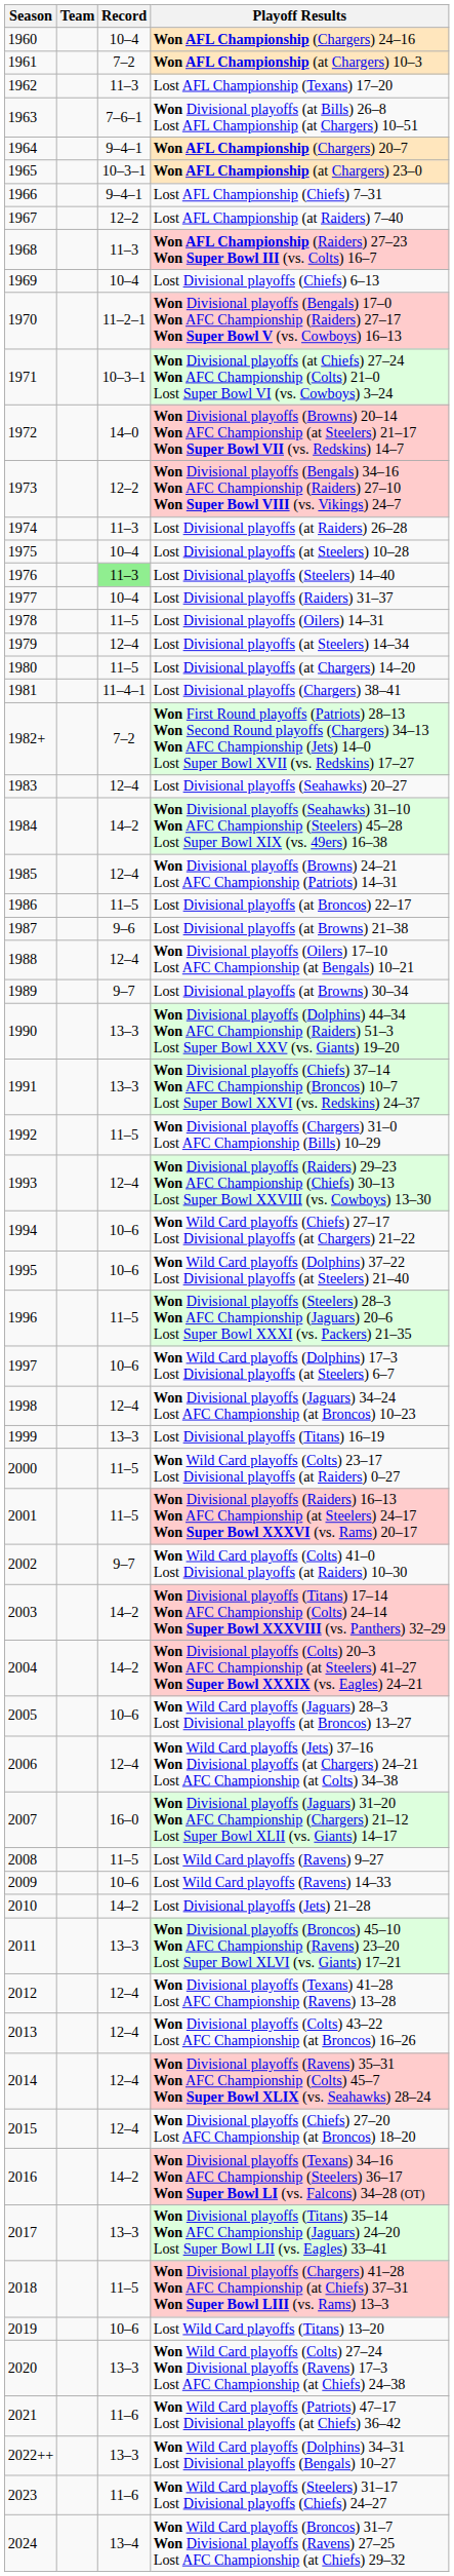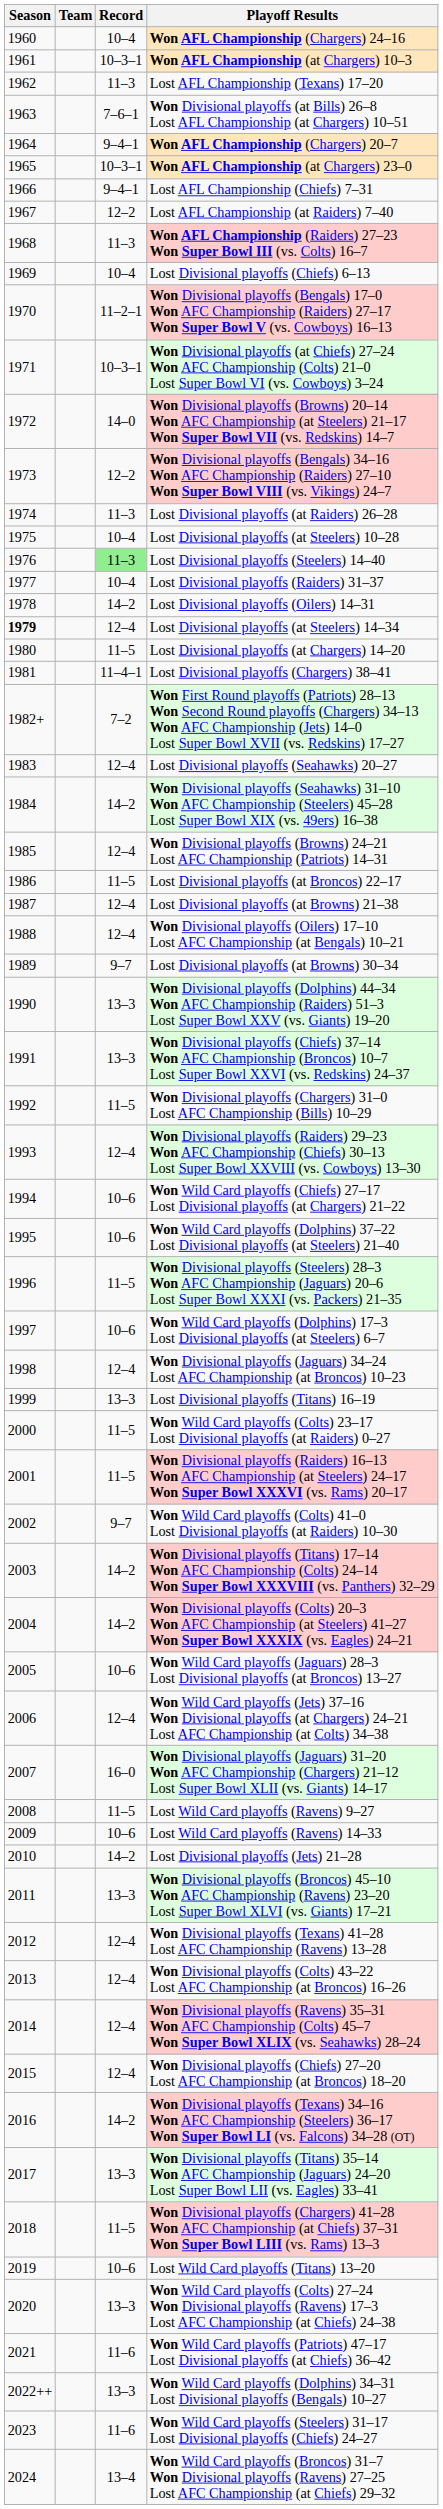 <table class="wikitable">
 <tr>
 <th>Season</th>
 <th>Team</th>
 <th>Record</th>
 <th>Playoff Results</th>
 </tr>
 <tr>
 <td>1960</td>
 <td><strong><a href='#'></a></strong></td>
 <td align="center">10–4</td>
 <td style="background: #FFE6BD;"><strong>Won <a href='#'>AFL Championship</a></strong> (<a href='#'>Chargers</a>) 24–16</td>
 </tr>
 <tr>
 <td>1961</td>
 <td><strong><a href='#'></a></strong></td>
-<td align="center">7–2</td>
+<td align="center">10–3–1</td>
 <td style="background: #FFE6BD;"><strong>Won <a href='#'>AFL Championship</a></strong>  (at <a href='#'>Chargers</a>) 10–3</td>
 </tr>
 <tr>
 <td>1962</td>
 <td><strong><a href='#'></a></strong></td>
 <td align="center">11–3</td>
 <td>Lost <a href='#'>AFL Championship</a> (<a href='#'>Texans</a>) 17–20 </td>
 </tr>
 <tr>
 <td>1963</td>
 <td><strong><a href='#'></a></strong></td>
 <td align="center">7–6–1</td>
 <td><strong>Won</strong> <a href='#'>Divisional playoffs</a> (at <a href='#'>Bills</a>) 26–8<br>Lost <a href='#'>AFL Championship</a> (at <a href='#'>Chargers</a>) 10–51</td>
 </tr>
 <tr>
 <td>1964</td>
 <td><strong><a href='#'></a></strong></td>
 <td align="center">9–4–1</td>
 <td style="background: #FFE6BD;"><strong>Won <a href='#'>AFL Championship</a></strong> (<a href='#'>Chargers</a>) 20–7</td>
 </tr>
 <tr>
 <td>1965</td>
 <td><strong><a href='#'></a></strong></td>
 <td align="center">10–3–1</td>
 <td style="background: #FFE6BD;"><strong>Won <a href='#'>AFL Championship</a></strong> (at <a href='#'>Chargers</a>) 23–0</td>
 </tr>
 <tr>
 <td>1966</td>
 <td><strong><a href='#'></a></strong></td>
 <td align="center">9–4–1</td>
 <td>Lost <a href='#'>AFL Championship</a> (<a href='#'>Chiefs</a>) 7–31</td>
 </tr>
 <tr>
 <td>1967</td>
 <td><strong><a href='#'></a></strong></td>
 <td align="center">12–2</td>
 <td>Lost <a href='#'>AFL Championship</a> (at <a href='#'>Raiders</a>) 7–40</td>
 </tr>
 <tr>
 <td>1968</td>
 <td><strong><a href='#'></a></strong></td>
 <td align="center">11–3</td>
 <td bgcolor="#FFCCCC"><strong>Won <a href='#'>AFL Championship</a></strong> (<a href='#'>Raiders</a>) 27–23<br><strong>Won <a href='#'>Super Bowl III</a></strong> (vs. <a href='#'>Colts</a>) 16–7</td>
 </tr>
 <tr>
 <td>1969</td>
 <td><strong><a href='#'></a></strong></td>
 <td align="center">10–4</td>
 <td>Lost <a href='#'>Divisional playoffs</a> (<a href='#'>Chiefs</a>) 6–13</td>
 </tr>
 <tr>
 <td>1970</td>
 <td><strong><a href='#'></a></strong></td>
 <td align="center">11–2–1</td>
 <td bgcolor="#FFCCCC"><strong>Won</strong> <a href='#'>Divisional playoffs</a> (<a href='#'>Bengals</a>) 17–0<br><strong>Won</strong> <a href='#'>AFC Championship</a> (<a href='#'>Raiders</a>) 27–17<br><strong>Won <a href='#'>Super Bowl V</a></strong> (vs. <a href='#'>Cowboys</a>) 16–13</td>
 </tr>
 <tr>
 <td>1971</td>
 <td><strong><a href='#'></a></strong></td>
 <td align="center">10–3–1</td>
 <td style="background: #DDFFDD;" valign="top"><strong>Won</strong> <a href='#'>Divisional playoffs</a> (at <a href='#'>Chiefs</a>) 27–24 <br><strong>Won</strong> <a href='#'>AFC Championship</a> (<a href='#'>Colts</a>) 21–0<br>Lost <a href='#'>Super Bowl VI</a> (vs. <a href='#'>Cowboys</a>) 3–24</td>
 </tr>
 <tr>
 <td>1972</td>
 <td><strong><a href='#'></a></strong></td>
 <td align="center">14–0</td>
 <td bgcolor="#FFCCCC"><strong>Won</strong> <a href='#'>Divisional playoffs</a> (<a href='#'>Browns</a>) 20–14<br><strong>Won</strong> <a href='#'>AFC Championship</a> (at <a href='#'>Steelers</a>) 21–17<br><strong>Won <a href='#'>Super Bowl VII</a></strong> (vs. <a href='#'>Redskins</a>) 14–7</td>
 </tr>
 <tr>
 <td>1973</td>
 <td><strong><a href='#'></a></strong></td>
 <td align="center">12–2</td>
 <td bgcolor="#FFCCCC"><strong>Won</strong> <a href='#'>Divisional playoffs</a> (<a href='#'>Bengals</a>) 34–16<br><strong>Won</strong> <a href='#'>AFC Championship</a> (<a href='#'>Raiders</a>) 27–10<br><strong>Won <a href='#'>Super Bowl VIII</a></strong> (vs. <a href='#'>Vikings</a>) 24–7</td>
 </tr>
 <tr>
 <td>1974</td>
 <td><strong><a href='#'></a></strong></td>
 <td align="center">11–3</td>
 <td>Lost <a href='#'>Divisional playoffs</a> (at <a href='#'>Raiders</a>) 26–28</td>
 </tr>
 <tr>
 <td>1975</td>
 <td><strong><a href='#'></a></strong></td>
 <td align="center">10–4</td>
 <td>Lost <a href='#'>Divisional playoffs</a> (at <a href='#'>Steelers</a>) 10–28</td>
 </tr>
 <tr>
 <td>1976</td>
 <td><strong><a href='#'></a></strong></td>
 <td align="center" style="background: lightgreen;">11–3</td>
 <td>Lost <a href='#'>Divisional playoffs</a> (<a href='#'>Steelers</a>) 14–40</td>
 </tr>
 <tr>
 <td>1977</td>
 <td><strong><a href='#'></a></strong></td>
 <td align="center">10–4</td>
 <td>Lost <a href='#'>Divisional playoffs</a> (<a href='#'>Raiders</a>) 31–37 </td>
 </tr>
 <tr>
 <td>1978</td>
 <td><strong><a href='#'></a></strong></td>
-<td align="center">11–5</td>
+<td align="center">14–2</td>
 <td>Lost <a href='#'>Divisional playoffs</a> (<a href='#'>Oilers</a>) 14–31</td>
 </tr>
 <tr>
-<td>1979</td>
+<td><strong>1979</strong></td>
 <td><strong><a href='#'></a></strong></td>
 <td align="center">12–4</td>
 <td>Lost <a href='#'>Divisional playoffs</a> (at <a href='#'>Steelers</a>) 14–34</td>
 </tr>
 <tr>
 <td>1980</td>
 <td><strong><a href='#'></a></strong></td>
 <td align="center">11–5</td>
 <td>Lost <a href='#'>Divisional playoffs</a> (at <a href='#'>Chargers</a>) 14–20</td>
 </tr>
 <tr>
 <td>1981</td>
 <td><strong><a href='#'></a></strong></td>
 <td align="center">11–4–1</td>
 <td>Lost <a href='#'>Divisional playoffs</a> (<a href='#'>Chargers</a>) 38–41 </td>
 </tr>
 <tr>
 <td>1982+</td>
 <td><strong><a href='#'></a></strong></td>
 <td align="center">7–2</td>
 <td style="background: #DDFFDD;" valign="top"><strong>Won</strong> <a href='#'>First Round playoffs</a> (<a href='#'>Patriots</a>) 28–13<br><strong>Won</strong> <a href='#'>Second Round playoffs</a> (<a href='#'>Chargers</a>) 34–13<br><strong>Won</strong> <a href='#'>AFC Championship</a> (<a href='#'>Jets</a>) 14–0<br>Lost <a href='#'>Super Bowl XVII</a> (vs. <a href='#'>Redskins</a>) 17–27</td>
 </tr>
 <tr>
 <td>1983</td>
 <td><strong><a href='#'></a></strong></td>
 <td align="center">12–4</td>
 <td>Lost <a href='#'>Divisional playoffs</a> (<a href='#'>Seahawks</a>) 20–27</td>
 </tr>
 <tr>
 <td>1984</td>
 <td><strong><a href='#'></a></strong></td>
 <td align="center">14–2</td>
 <td style="background: #DDFFDD;" valign="top"><strong>Won</strong> <a href='#'>Divisional playoffs</a> (<a href='#'>Seahawks</a>) 31–10<br><strong>Won</strong> <a href='#'>AFC Championship</a> (<a href='#'>Steelers</a>) 45–28<br>Lost <a href='#'>Super Bowl XIX</a> (vs. <a href='#'>49ers</a>) 16–38</td>
 </tr>
 <tr>
 <td>1985</td>
 <td><strong><a href='#'></a></strong></td>
 <td align="center">12–4</td>
 <td><strong>Won</strong> <a href='#'>Divisional playoffs</a> (<a href='#'>Browns</a>) 24–21<br>Lost <a href='#'>AFC Championship</a> (<a href='#'>Patriots</a>) 14–31</td>
 </tr>
 <tr>
 <td>1986</td>
 <td><strong><a href='#'></a></strong></td>
 <td align="center">11–5</td>
 <td>Lost <a href='#'>Divisional playoffs</a> (at <a href='#'>Broncos</a>) 22–17</td>
 </tr>
 <tr>
 <td>1987</td>
 <td><strong><a href='#'></a></strong></td>
-<td align="center">9–6</td>
+<td align="center">12–4</td>
 <td>Lost <a href='#'>Divisional playoffs</a> (at <a href='#'>Browns</a>) 21–38</td>
 </tr>
 <tr>
 <td>1988</td>
 <td><strong><a href='#'></a></strong></td>
 <td align="center">12–4</td>
 <td><strong>Won</strong> <a href='#'>Divisional playoffs</a> (<a href='#'>Oilers</a>) 17–10<br>Lost <a href='#'>AFC Championship</a> (at <a href='#'>Bengals</a>) 10–21</td>
 </tr>
 <tr>
 <td>1989</td>
 <td><strong><a href='#'></a></strong></td>
 <td align="center">9–7</td>
 <td>Lost <a href='#'>Divisional playoffs</a> (at <a href='#'>Browns</a>) 30–34</td>
 </tr>
 <tr>
 <td>1990</td>
 <td><strong><a href='#'></a></strong></td>
 <td align="center">13–3</td>
 <td style="background: #DDFFDD;" valign="top"><strong>Won</strong> <a href='#'>Divisional playoffs</a> (<a href='#'>Dolphins</a>) 44–34<br><strong>Won</strong> <a href='#'>AFC Championship</a> (<a href='#'>Raiders</a>) 51–3<br>Lost <a href='#'>Super Bowl XXV</a> (vs. <a href='#'>Giants</a>) 19–20</td>
 </tr>
 <tr>
 <td>1991</td>
 <td><strong><a href='#'></a></strong></td>
 <td align="center">13–3</td>
 <td style="background: #DDFFDD;" valign="top"><strong>Won</strong> <a href='#'>Divisional playoffs</a> (<a href='#'>Chiefs</a>) 37–14<br><strong>Won</strong> <a href='#'>AFC Championship</a> (<a href='#'>Broncos</a>) 10–7<br>Lost <a href='#'>Super Bowl XXVI</a> (vs. <a href='#'>Redskins</a>) 24–37</td>
 </tr>
 <tr>
 <td>1992</td>
 <td><strong><a href='#'></a></strong></td>
 <td align="center">11–5</td>
 <td><strong>Won</strong> <a href='#'>Divisional playoffs</a> (<a href='#'>Chargers</a>) 31–0<br>Lost <a href='#'>AFC Championship</a> (<a href='#'>Bills</a>) 10–29</td>
 </tr>
 <tr>
 <td>1993</td>
 <td><strong><a href='#'></a></strong></td>
 <td align="center">12–4</td>
 <td style="background: #DDFFDD;" valign="top"><strong>Won</strong> <a href='#'>Divisional playoffs</a> (<a href='#'>Raiders</a>) 29–23<br><strong>Won</strong> <a href='#'>AFC Championship</a> (<a href='#'>Chiefs</a>) 30–13<br>Lost <a href='#'>Super Bowl XXVIII</a> (vs. <a href='#'>Cowboys</a>) 13–30</td>
 </tr>
 <tr>
 <td>1994</td>
 <td><strong><a href='#'></a></strong></td>
 <td align="center">10–6</td>
 <td><strong>Won</strong> <a href='#'>Wild Card playoffs</a> (<a href='#'>Chiefs</a>) 27–17<br>Lost <a href='#'>Divisional playoffs</a> (at <a href='#'>Chargers</a>) 21–22</td>
 </tr>
 <tr>
 <td>1995</td>
 <td><strong><a href='#'></a></strong></td>
 <td align="center">10–6</td>
 <td><strong>Won</strong> <a href='#'>Wild Card playoffs</a> (<a href='#'>Dolphins</a>) 37–22<br>Lost <a href='#'>Divisional playoffs</a> (at <a href='#'>Steelers</a>) 21–40</td>
 </tr>
 <tr>
 <td>1996</td>
 <td><strong><a href='#'></a></strong></td>
 <td align="center">11–5</td>
 <td style="background: #DDFFDD;" valign="top"><strong>Won</strong> <a href='#'>Divisional playoffs</a> (<a href='#'>Steelers</a>) 28–3<br><strong>Won</strong> <a href='#'>AFC Championship</a> (<a href='#'>Jaguars</a>) 20–6<br>Lost <a href='#'>Super Bowl XXXI</a> (vs. <a href='#'>Packers</a>) 21–35</td>
 </tr>
 <tr>
 <td>1997</td>
 <td><strong><a href='#'></a></strong></td>
 <td align="center">10–6</td>
 <td><strong>Won</strong> <a href='#'>Wild Card playoffs</a> (<a href='#'>Dolphins</a>) 17–3<br>Lost <a href='#'>Divisional playoffs</a> (at <a href='#'>Steelers</a>) 6–7</td>
 </tr>
 <tr>
 <td>1998</td>
 <td><strong><a href='#'></a></strong></td>
 <td align="center">12–4</td>
 <td><strong>Won</strong> <a href='#'>Divisional playoffs</a> (<a href='#'>Jaguars</a>) 34–24<br>Lost <a href='#'>AFC Championship</a> (at <a href='#'>Broncos</a>) 10–23</td>
 </tr>
 <tr>
 <td>1999</td>
 <td><strong><a href='#'></a></strong></td>
 <td align="center">13–3</td>
 <td>Lost <a href='#'>Divisional playoffs</a> (<a href='#'>Titans</a>) 16–19</td>
 </tr>
 <tr>
 <td>2000</td>
 <td><strong><a href='#'></a></strong></td>
 <td align="center">11–5</td>
 <td><strong>Won</strong> <a href='#'>Wild Card playoffs</a> (<a href='#'>Colts</a>) 23–17  <br>Lost <a href='#'>Divisional playoffs</a> (at <a href='#'>Raiders</a>) 0–27</td>
 </tr>
 <tr>
 <td>2001</td>
 <td><strong><a href='#'></a></strong></td>
 <td align="center">11–5</td>
 <td bgcolor="#FFCCCC"><strong>Won</strong> <a href='#'>Divisional playoffs</a> (<a href='#'>Raiders</a>) 16–13 <br><strong>Won</strong> <a href='#'>AFC Championship</a> (at <a href='#'>Steelers</a>) 24–17<br><strong>Won <a href='#'>Super Bowl XXXVI</a></strong> (vs. <a href='#'>Rams</a>) 20–17</td>
 </tr>
 <tr>
 <td>2002</td>
 <td><strong><a href='#'></a></strong></td>
 <td align="center">9–7</td>
 <td><strong>Won</strong> <a href='#'>Wild Card playoffs</a> (<a href='#'>Colts</a>) 41–0<br>Lost <a href='#'>Divisional playoffs</a> (at <a href='#'>Raiders</a>) 10–30</td>
 </tr>
 <tr>
 <td>2003</td>
 <td><strong><a href='#'></a></strong></td>
 <td align="center">14–2</td>
 <td bgcolor="#FFCCCC"><strong>Won</strong> <a href='#'>Divisional playoffs</a> (<a href='#'>Titans</a>) 17–14<br><strong>Won</strong> <a href='#'>AFC Championship</a> (<a href='#'>Colts</a>) 24–14<br><strong>Won <a href='#'>Super Bowl XXXVIII</a></strong> (vs. <a href='#'>Panthers</a>) 32–29</td>
 </tr>
 <tr>
 <td>2004</td>
 <td><strong><a href='#'></a></strong></td>
 <td align="center">14–2</td>
 <td bgcolor="#FFCCCC"><strong>Won</strong> <a href='#'>Divisional playoffs</a> (<a href='#'>Colts</a>) 20–3<br><strong>Won</strong> <a href='#'>AFC Championship</a> (at <a href='#'>Steelers</a>) 41–27<br><strong>Won <a href='#'>Super Bowl XXXIX</a></strong> (vs. <a href='#'>Eagles</a>) 24–21</td>
 </tr>
 <tr>
 <td>2005</td>
 <td><strong><a href='#'></a></strong></td>
 <td align="center">10–6</td>
 <td><strong>Won</strong> <a href='#'>Wild Card playoffs</a> (<a href='#'>Jaguars</a>) 28–3<br>Lost <a href='#'>Divisional playoffs</a> (at <a href='#'>Broncos</a>) 13–27</td>
 </tr>
 <tr>
 <td>2006</td>
 <td><strong><a href='#'></a></strong></td>
 <td align="center">12–4</td>
 <td><strong>Won</strong> <a href='#'>Wild Card playoffs</a> (<a href='#'>Jets</a>) 37–16<br><strong>Won</strong> <a href='#'>Divisional playoffs</a> (at <a href='#'>Chargers</a>) 24–21<br>Lost <a href='#'>AFC Championship</a> (at <a href='#'>Colts</a>) 34–38</td>
 </tr>
 <tr>
 <td>2007</td>
 <td><strong><a href='#'></a></strong></td>
 <td align="center">16–0</td>
 <td style="background: #DDFFDD;" valign="top"><strong>Won</strong> <a href='#'>Divisional playoffs</a> (<a href='#'>Jaguars</a>) 31–20<br><strong>Won</strong> <a href='#'>AFC Championship</a> (<a href='#'>Chargers</a>) 21–12<br>Lost <a href='#'>Super Bowl XLII</a> (vs. <a href='#'>Giants</a>) 14–17</td>
 </tr>
 <tr>
 <td>2008</td>
 <td><strong><a href='#'></a></strong></td>
 <td align="center">11–5</td>
 <td>Lost <a href='#'>Wild Card playoffs</a> (<a href='#'>Ravens</a>) 9–27</td>
 </tr>
 <tr>
 <td>2009</td>
 <td><strong><a href='#'></a></strong></td>
 <td align="center">10–6</td>
 <td>Lost <a href='#'>Wild Card playoffs</a> (<a href='#'>Ravens</a>) 14–33</td>
 </tr>
 <tr>
 <td>2010</td>
 <td><strong><a href='#'></a></strong></td>
 <td align="center">14–2</td>
 <td>Lost <a href='#'>Divisional playoffs</a> (<a href='#'>Jets</a>) 21–28</td>
 </tr>
 <tr>
 <td>2011</td>
 <td><strong><a href='#'></a></strong></td>
 <td align="center">13–3</td>
 <td style="background: #DDFFDD;" valign="top"><strong>Won</strong> <a href='#'>Divisional playoffs</a> (<a href='#'>Broncos</a>) 45–10<br><strong>Won</strong> <a href='#'>AFC Championship</a> (<a href='#'>Ravens</a>) 23–20<br>Lost <a href='#'>Super Bowl XLVI</a> (vs. <a href='#'>Giants</a>) 17–21</td>
 </tr>
 <tr>
 <td>2012</td>
 <td><strong><a href='#'></a></strong></td>
 <td align="center">12–4</td>
 <td><strong>Won</strong> <a href='#'>Divisional playoffs</a> (<a href='#'>Texans</a>) 41–28<br>Lost <a href='#'>AFC Championship</a> (<a href='#'>Ravens</a>) 13–28</td>
 </tr>
 <tr>
 <td>2013</td>
 <td><strong><a href='#'></a></strong></td>
 <td align="center">12–4</td>
 <td><strong>Won</strong> <a href='#'>Divisional playoffs</a> (<a href='#'>Colts</a>) 43–22 <br>Lost <a href='#'>AFC Championship</a> (at <a href='#'>Broncos</a>) 16–26</td>
 </tr>
 <tr>
 <td>2014</td>
 <td><strong><a href='#'></a></strong></td>
 <td align="center">12–4</td>
 <td bgcolor="#FFCCCC"><strong>Won</strong> <a href='#'>Divisional playoffs</a> (<a href='#'>Ravens</a>) 35–31 <br><strong>Won</strong> <a href='#'>AFC Championship</a> (<a href='#'>Colts</a>) 45–7 <br><strong>Won <a href='#'>Super Bowl XLIX</a></strong> (vs. <a href='#'>Seahawks</a>) 28–24</td>
 </tr>
 <tr>
 <td>2015</td>
 <td><strong><a href='#'></a></strong></td>
 <td align="center">12–4</td>
 <td><strong>Won</strong> <a href='#'>Divisional playoffs</a> (<a href='#'>Chiefs</a>) 27–20<br>Lost <a href='#'>AFC Championship</a> (at <a href='#'>Broncos</a>) 18–20</td>
 </tr>
 <tr>
 <td>2016</td>
 <td><strong><a href='#'></a></strong></td>
 <td align="center">14–2</td>
 <td bgcolor="#FFCCCC"><strong>Won</strong> <a href='#'>Divisional playoffs</a> (<a href='#'>Texans</a>) 34–16<br><strong>Won</strong> <a href='#'>AFC Championship</a> (<a href='#'>Steelers</a>) 36–17<br><strong>Won <a href='#'>Super Bowl LI</a></strong> (vs. <a href='#'>Falcons</a>) 34–28 <small>(OT)</small></td>
 </tr>
 <tr>
 <td>2017</td>
 <td><strong><a href='#'></a></strong></td>
 <td align="center">13–3</td>
 <td style="background: #DDFFDD;" valign="top"><strong>Won</strong> <a href='#'>Divisional playoffs</a> (<a href='#'>Titans</a>) 35–14<br><strong>Won</strong> <a href='#'>AFC Championship</a> (<a href='#'>Jaguars</a>) 24–20<br>Lost <a href='#'>Super Bowl LII</a> (vs. <a href='#'>Eagles</a>) 33–41</td>
 </tr>
 <tr>
 <td>2018</td>
 <td><strong><a href='#'></a></strong></td>
 <td align="center">11–5</td>
 <td bgcolor="#FFCCCC"><strong>Won</strong> <a href='#'>Divisional playoffs</a> (<a href='#'>Chargers</a>) 41–28 <br> <strong>Won</strong> <a href='#'>AFC Championship</a> (at <a href='#'>Chiefs</a>) 37–31  <br> <strong>Won <a href='#'>Super Bowl LIII</a></strong> (vs. <a href='#'>Rams</a>) 13–3</td>
 </tr>
 <tr>
 <td>2019</td>
 <td><strong><a href='#'></a></strong></td>
 <td align="center">10–6</td>
 <td>Lost <a href='#'>Wild Card playoffs</a> (<a href='#'>Titans</a>) 13–20</td>
 </tr>
 <tr>
 <td>2020</td>
 <td><strong><a href='#'></a></strong></td>
 <td align="center">13–3</td>
 <td><strong>Won</strong> <a href='#'>Wild Card playoffs</a> (<a href='#'>Colts</a>) 27–24 <br>  <strong>Won</strong> <a href='#'>Divisional playoffs</a> (<a href='#'>Ravens</a>) 17–3 <br> Lost <a href='#'>AFC Championship</a> (at <a href='#'>Chiefs</a>) 24–38</td>
 </tr>
 <tr>
 <td>2021</td>
 <td><strong><a href='#'></a></strong></td>
 <td align="center">11–6</td>
 <td><strong>Won</strong> <a href='#'>Wild Card playoffs</a> (<a href='#'>Patriots</a>) 47–17<br>Lost <a href='#'>Divisional playoffs</a> (at <a href='#'>Chiefs</a>) 36–42 </td>
 </tr>
 <tr>
 <td>2022++</td>
 <td><strong><a href='#'></a></strong></td>
 <td align="center">13–3</td>
 <td><strong>Won</strong> <a href='#'>Wild Card playoffs</a> (<a href='#'>Dolphins</a>) 34–31 <br> Lost <a href='#'>Divisional playoffs</a> (<a href='#'>Bengals</a>) 10–27</td>
 </tr>
 <tr>
 <td>2023</td>
 <td><strong><a href='#'></a></strong></td>
 <td align="center">11–6</td>
 <td><strong>Won</strong> <a href='#'>Wild Card playoffs</a> (<a href='#'>Steelers</a>) 31–17 <br> Lost <a href='#'>Divisional playoffs</a> (<a href='#'>Chiefs</a>) 24–27</td>
 </tr>
 <tr>
 <td>2024</td>
 <td><strong><a href='#'></a></strong></td>
 <td align="center">13–4</td>
 <td><strong>Won</strong> <a href='#'>Wild Card playoffs</a> (<a href='#'>Broncos</a>) 31–7 <br> <strong>Won</strong> <a href='#'>Divisional playoffs</a> (<a href='#'>Ravens</a>) 27–25 <br> Lost <a href='#'>AFC Championship</a> (at <a href='#'>Chiefs</a>) 29–32</td>
 </tr>
 </table>
